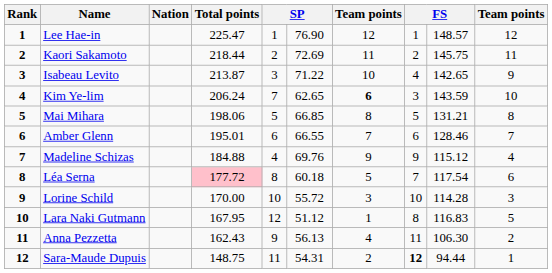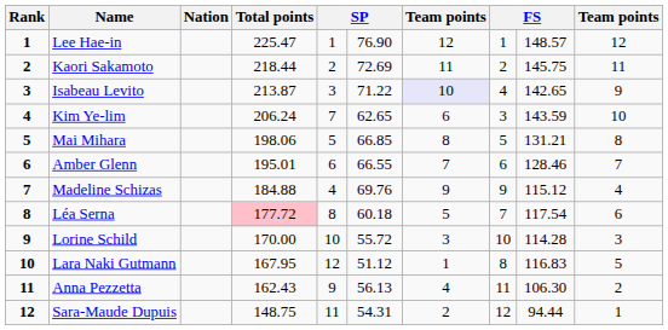 <table class="wikitable sortable">
 <tr>
 <th>Rank</th>
 <th>Name</th>
 <th>Nation</th>
 <th>Total points</th>
 <th colspan="2" width="80px"><a href='#'>SP</a></th>
 <th>Team points</th>
 <th colspan="2" width="80px"><a href='#'>FS</a></th>
 <th>Team points</th>
 </tr>
 <tr>
 <td style="text-align: center;"><strong>1</strong></td>
 <td><a href='#'>Lee Hae-in</a></td>
 <td></td>
 <td style="text-align: center;">225.47</td>
 <td style="text-align: center;">1</td>
 <td style="text-align: center;">76.90</td>
 <td style="text-align: center;">12</td>
 <td style="text-align: center;">1</td>
 <td style="text-align: center;">148.57</td>
 <td style="text-align: center;">12</td>
 </tr>
 <tr>
 <td style="text-align: center;"><strong>2</strong></td>
 <td><a href='#'>Kaori Sakamoto</a></td>
 <td></td>
 <td style="text-align: center;">218.44</td>
 <td style="text-align: center;">2</td>
 <td style="text-align: center;">72.69</td>
 <td style="text-align: center;">11</td>
 <td style="text-align: center;">2</td>
 <td style="text-align: center;">145.75</td>
 <td style="text-align: center;">11</td>
 </tr>
 <tr>
 <td style="text-align: center;"><strong>3</strong></td>
 <td><a href='#'>Isabeau Levito</a></td>
 <td></td>
 <td style="text-align: center;">213.87</td>
 <td style="text-align: center;">3</td>
 <td style="text-align: center;">71.22</td>
-<td style="text-align: center;">10</td>
+<td style="background: lavender; text-align: center;">10</td>
 <td style="text-align: center;">4</td>
 <td style="text-align: center;">142.65</td>
 <td style="text-align: center;">9</td>
 </tr>
 <tr>
 <td style="text-align: center;"><strong>4</strong></td>
 <td><a href='#'>Kim Ye-lim</a></td>
 <td></td>
 <td style="text-align: center;">206.24</td>
 <td style="text-align: center;">7</td>
 <td style="text-align: center;">62.65</td>
-<td style="text-align: center;"><strong>6</strong></td>
+<td style="text-align: center;">6</td>
 <td style="text-align: center;">3</td>
 <td style="text-align: center;">143.59</td>
 <td style="text-align: center;">10</td>
 </tr>
 <tr>
 <td style="text-align: center;"><strong>5</strong></td>
 <td><a href='#'>Mai Mihara</a></td>
 <td></td>
 <td style="text-align: center;">198.06</td>
 <td style="text-align: center;">5</td>
 <td style="text-align: center;">66.85</td>
 <td style="text-align: center;">8</td>
 <td style="text-align: center;">5</td>
 <td style="text-align: center;">131.21</td>
 <td style="text-align: center;">8</td>
 </tr>
 <tr>
 <td style="text-align: center;"><strong>6</strong></td>
 <td><a href='#'>Amber Glenn</a></td>
 <td></td>
 <td style="text-align: center;">195.01</td>
 <td style="text-align: center;">6</td>
 <td style="text-align: center;">66.55</td>
 <td style="text-align: center;">7</td>
 <td style="text-align: center;">6</td>
 <td style="text-align: center;">128.46</td>
 <td style="text-align: center;">7</td>
 </tr>
 <tr>
 <td style="text-align: center;"><strong>7</strong></td>
 <td><a href='#'>Madeline Schizas</a></td>
 <td></td>
 <td style="text-align: center;">184.88</td>
 <td style="text-align: center;">4</td>
 <td style="text-align: center;">69.76</td>
 <td style="text-align: center;">9</td>
 <td style="text-align: center;">9</td>
 <td style="text-align: center;">115.12</td>
 <td style="text-align: center;">4</td>
 </tr>
 <tr>
 <td style="text-align: center;"><strong>8</strong></td>
 <td><a href='#'>Léa Serna</a></td>
 <td></td>
 <td style="background: pink; text-align: center;">177.72</td>
 <td style="text-align: center;">8</td>
 <td style="text-align: center;">60.18</td>
 <td style="text-align: center;">5</td>
 <td style="text-align: center;">7</td>
 <td style="text-align: center;">117.54</td>
 <td style="text-align: center;">6</td>
 </tr>
 <tr>
 <td style="text-align: center;"><strong>9</strong></td>
 <td><a href='#'>Lorine Schild</a></td>
 <td></td>
 <td style="text-align: center;">170.00</td>
 <td style="text-align: center;">10</td>
 <td style="text-align: center;">55.72</td>
 <td style="text-align: center;">3</td>
 <td style="text-align: center;">10</td>
 <td style="text-align: center;">114.28</td>
 <td style="text-align: center;">3</td>
 </tr>
 <tr>
 <td style="text-align: center;"><strong>10</strong></td>
 <td><a href='#'>Lara Naki Gutmann</a></td>
 <td></td>
 <td style="text-align: center;">167.95</td>
 <td style="text-align: center;">12</td>
 <td style="text-align: center;">51.12</td>
 <td style="text-align: center;">1</td>
 <td style="text-align: center;">8</td>
 <td style="text-align: center;">116.83</td>
 <td style="text-align: center;">5</td>
 </tr>
 <tr>
 <td style="text-align: center;"><strong>11</strong></td>
 <td><a href='#'>Anna Pezzetta</a></td>
 <td></td>
 <td style="text-align: center;">162.43</td>
 <td style="text-align: center;">9</td>
 <td style="text-align: center;">56.13</td>
 <td style="text-align: center;">4</td>
 <td style="text-align: center;">11</td>
 <td style="text-align: center;">106.30</td>
 <td style="text-align: center;">2</td>
 </tr>
 <tr>
 <td style="text-align: center;"><strong>12</strong></td>
 <td><a href='#'>Sara-Maude Dupuis</a></td>
 <td></td>
 <td style="text-align: center;">148.75</td>
 <td style="text-align: center;">11</td>
 <td style="text-align: center;">54.31</td>
 <td style="text-align: center;">2</td>
-<td style="text-align: center;"><strong>12</strong></td>
+<td style="text-align: center;">12</td>
 <td style="text-align: center;">94.44</td>
 <td style="text-align: center;">1</td>
 </tr>
 </table>
